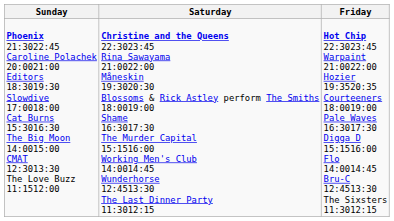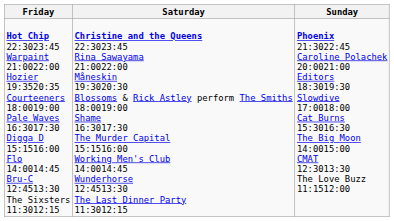 <table class="wikitable">
 <tr>
+<th>Friday</th>
+<th>Saturday</th>
 <th>Sunday</th>
-<th>Saturday</th>
-<th>Friday</th>
 </tr>
 <tr valign="top">
+<td><br><strong><a href='#'>Hot Chip</a></strong> <br>22:3023:45 <br><a href='#'>Warpaint</a> <br>21:0022:00 <br><a href='#'>Hozier</a> <br>19:3520:35 <br><a href='#'>Courteeners</a> <br>18:0019:00 <br><a href='#'>Pale Waves</a> <br>16:3017:30 <br><a href='#'>Digga D</a> <br>15:1516:00 <br><a href='#'>Flo</a> <br>14:0014:45 <br><a href='#'>Bru-C</a> <br>12:4513:30 <br>The Sixsters <br>11:3012:15</td>
+<td><br><strong><a href='#'>Christine and the Queens</a></strong> <br>22:3023:45 <br><a href='#'>Rina Sawayama</a> <br>21:0022:00 <br><a href='#'>Måneskin</a> <br>19:3020:30 <br><a href='#'>Blossoms</a> & <a href='#'>Rick Astley</a> perform <a href='#'>The Smiths</a> <br>18:0019:00 <br><a href='#'>Shame</a> <br>16:3017:30 <br><a href='#'>The Murder Capital</a> <br>15:1516:00 <br><a href='#'>Working Men's Club</a> <br>14:0014:45 <br><a href='#'>Wunderhorse</a> <br>12:4513:30 <br><a href='#'>The Last Dinner Party</a> <br>11:3012:15</td>
 <td><br><strong><a href='#'>Phoenix</a></strong> <br>21:3022:45 <br><a href='#'>Caroline Polachek</a> <br>20:0021:00 <br><a href='#'>Editors</a> <br>18:3019:30 <br><a href='#'>Slowdive</a> <br>17:0018:00 <br><a href='#'>Cat Burns</a> <br>15:3016:30 <br><a href='#'>The Big Moon</a> <br>14:0015:00 <br><a href='#'>CMAT</a> <br>12:3013:30 <br>The Love Buzz <br>11:1512:00</td>
-<td><br><strong><a href='#'>Christine and the Queens</a></strong> <br>22:3023:45 <br><a href='#'>Rina Sawayama</a> <br>21:0022:00 <br><a href='#'>Måneskin</a> <br>19:3020:30 <br><a href='#'>Blossoms</a> & <a href='#'>Rick Astley</a> perform <a href='#'>The Smiths</a> <br>18:0019:00 <br><a href='#'>Shame</a> <br>16:3017:30 <br><a href='#'>The Murder Capital</a> <br>15:1516:00 <br><a href='#'>Working Men's Club</a> <br>14:0014:45 <br><a href='#'>Wunderhorse</a> <br>12:4513:30 <br><a href='#'>The Last Dinner Party</a> <br>11:3012:15</td>
-<td><br><strong><a href='#'>Hot Chip</a></strong> <br>22:3023:45 <br><a href='#'>Warpaint</a> <br>21:0022:00 <br><a href='#'>Hozier</a> <br>19:3520:35 <br><a href='#'>Courteeners</a> <br>18:0019:00 <br><a href='#'>Pale Waves</a> <br>16:3017:30 <br><a href='#'>Digga D</a> <br>15:1516:00 <br><a href='#'>Flo</a> <br>14:0014:45 <br><a href='#'>Bru-C</a> <br>12:4513:30 <br>The Sixsters <br>11:3012:15</td>
 </tr>
 </table>
